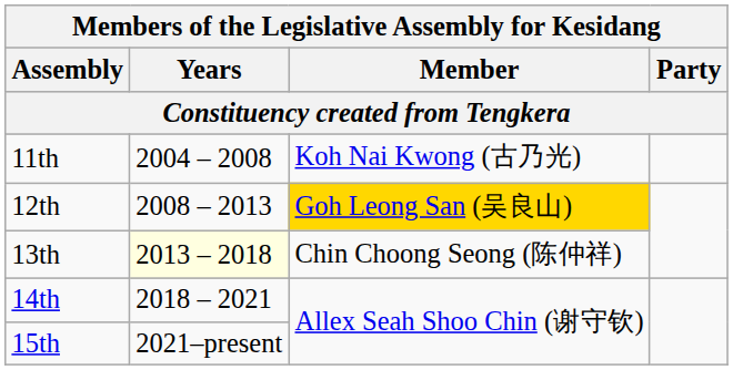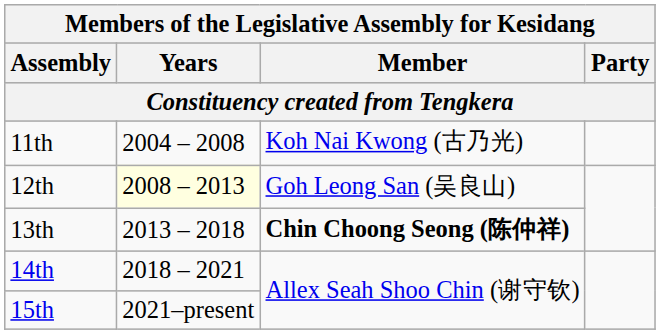 <table class=wikitable>
 <tr>
 <th colspan=4>Members of the Legislative Assembly for Kesidang</th>
 </tr>
 <tr>
 <th>Assembly</th>
 <th>Years</th>
 <th>Member</th>
 <th>Party</th>
 </tr>
 <tr>
 <th colspan=4 align=center><em>Constituency created from Tengkera</em></th>
 </tr>
 <tr>
 <td>11th</td>
 <td>2004 – 2008</td>
 <td><a href='#'>Koh Nai Kwong</a> (古乃光)</td>
 <td></td>
 </tr>
 <tr>
 <td>12th</td>
-<td>2008 – 2013</td>
-<td style="background: gold;"><a href='#'>Goh Leong San</a> (吴良山)</td>
+<td style="background: lightyellow;">2008 – 2013</td>
+<td><a href='#'>Goh Leong San</a> (吴良山)</td>
 <td rowspan="2"></td>
 </tr>
 <tr>
 <td>13th</td>
-<td style="background: lightyellow;">2013 – 2018</td>
-<td>Chin Choong Seong (陈仲祥)</td>
+<td>2013 – 2018</td>
+<td><strong>Chin Choong Seong (陈仲祥)</strong></td>
 </tr>
 <tr>
 <td><a href='#'>14th</a></td>
 <td>2018 – 2021</td>
 <td rowspan="2"><a href='#'>Allex Seah Shoo Chin</a> (谢守钦)</td>
 <td rowspan="2"></td>
 </tr>
 <tr>
 <td><a href='#'>15th</a></td>
 <td>2021–present</td>
 </tr>
 </table>
